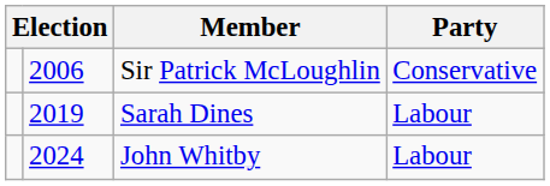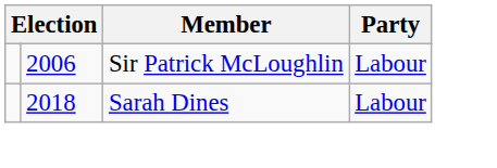 <table class="wikitable">
 <tr>
 <th colspan="2">Election</th>
 <th>Member</th>
 <th>Party</th>
 </tr>
 <tr>
 <td style="color:inherit;background-color: "></td>
 <td><a href='#'>2006</a></td>
 <td>Sir <a href='#'>Patrick McLoughlin</a></td>
-<td><a href='#'>Conservative</a></td>
-</tr>
-<tr>
-<td style="color:inherit;background-color: "></td>
-<td><a href='#'>2019</a></td>
-<td><a href='#'>Sarah Dines</a></td>
 <td><a href='#'>Labour</a></td>
 </tr>
 <tr>
 <td style="color:inherit;background-color: "></td>
-<td><a href='#'>2024</a></td>
-<td><a href='#'>John Whitby</a></td>
+<td><a href='#'>2018</a></td>
+<td><a href='#'>Sarah Dines</a></td>
 <td><a href='#'>Labour</a></td>
 </tr>
 </table>
